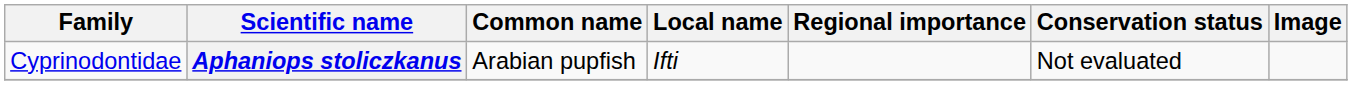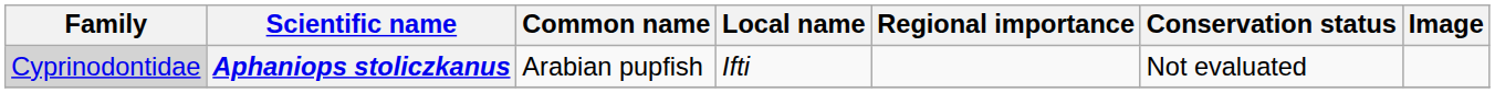 <table class="wikitable sortable">
 <tr>
 <th>Family</th>
 <th><a href='#'>Scientific name</a></th>
 <th><strong>Common name</strong></th>
 <th><strong>Local name</strong></th>
 <th>Regional importance</th>
 <th>Conservation status</th>
 <th>Image</th>
 </tr>
 <tr>
-<td><a href='#'>Cyprinodontidae</a></td>
+<td style="background: lightgrey;"><a href='#'>Cyprinodontidae</a></td>
 <th><em><a href='#'>Aphaniops stoliczkanus</a></em></th>
 <td>Arabian pupfish</td>
 <td><em>Ifti</em><br></td>
 <td></td>
 <td>Not evaluated</td>
 <td></td>
 </tr>
 <tr>
 </tr>
 </table>
